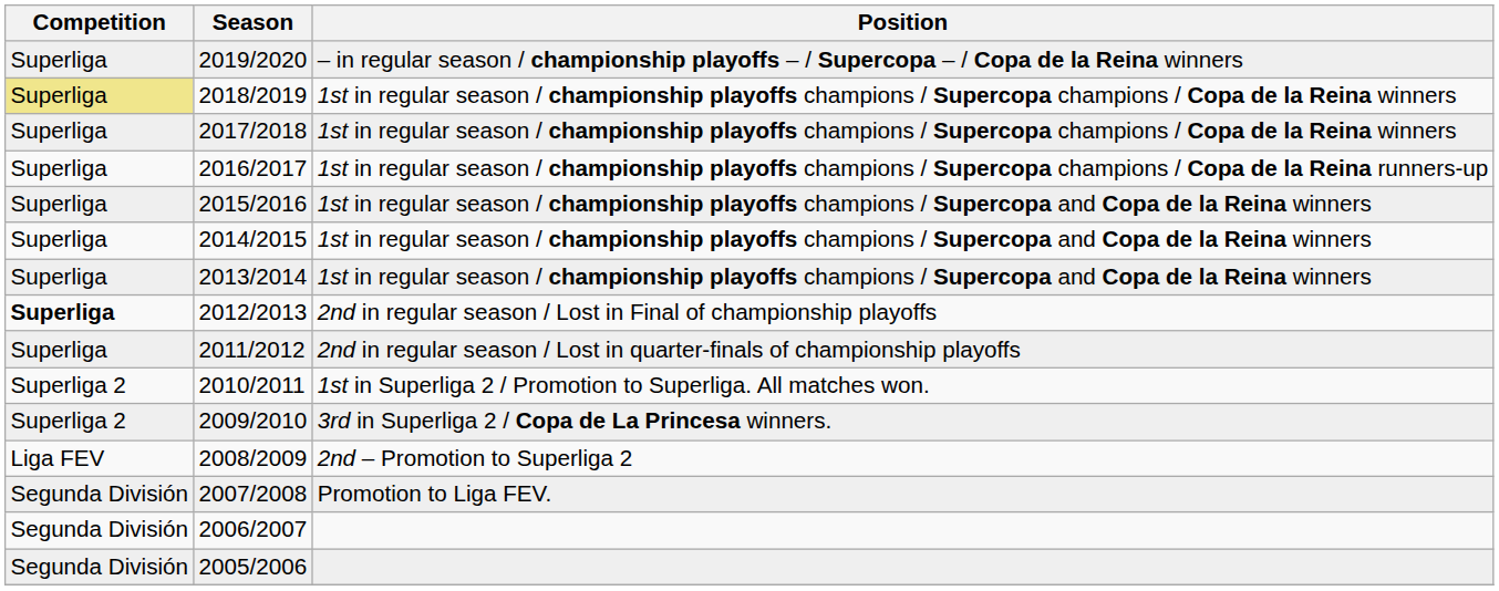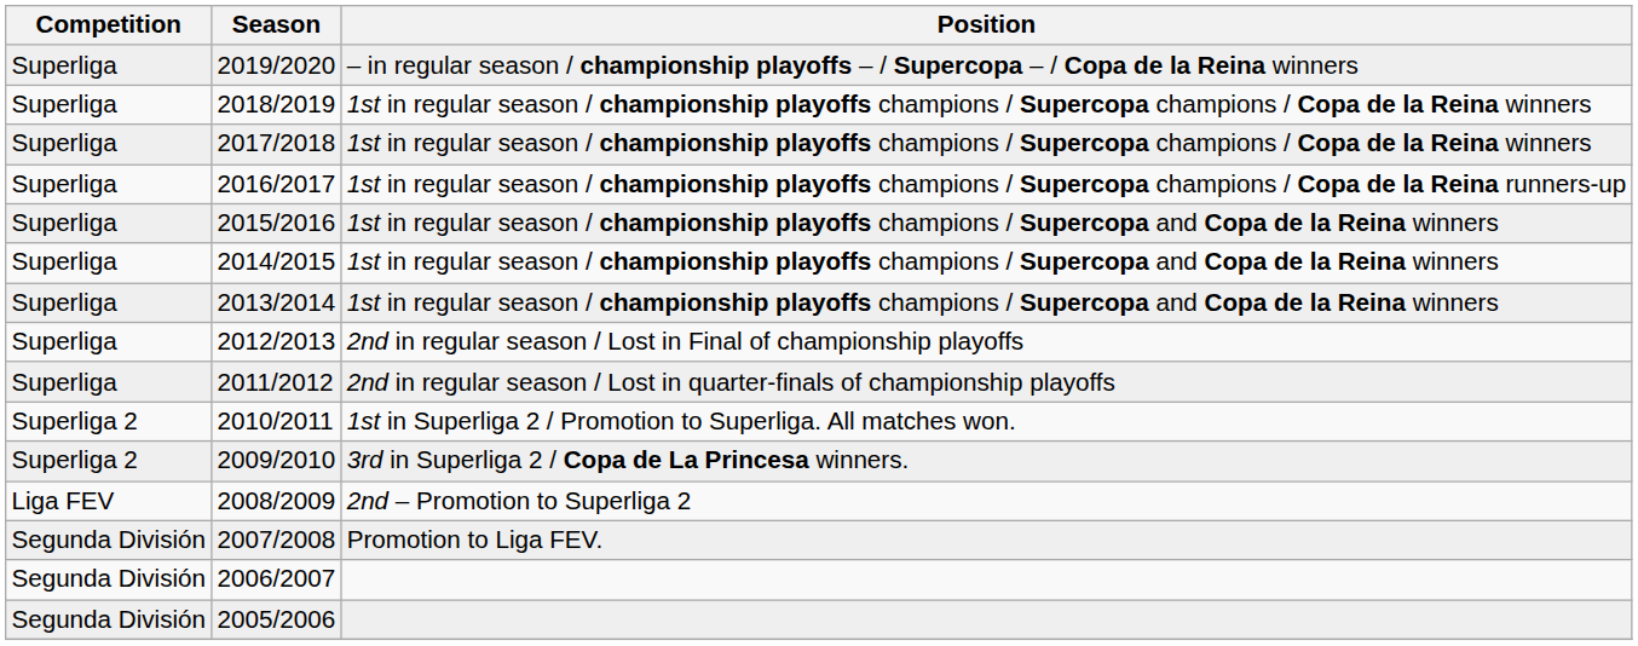 <table class="wikitable">
 <tr>
 <th>Competition</th>
 <th>Season</th>
 <th>Position</th>
 </tr>
 <tr bgcolor="#EFEFEF">
 <td>Superliga</td>
 <td>2019/2020</td>
 <td><em>–</em> in regular season / <strong>championship playoffs</strong> – / <strong>Supercopa</strong> – / <strong>Copa de la Reina</strong> winners</td>
 </tr>
 <tr ---->
-<td style="background: khaki;">Superliga</td>
+<td>Superliga</td>
 <td>2018/2019</td>
 <td><em>1st</em> in regular season / <strong>championship playoffs</strong> champions / <strong>Supercopa</strong> champions / <strong>Copa de la Reina</strong> winners</td>
 </tr>
 <tr bgcolor="#EFEFEF">
 <td>Superliga</td>
 <td>2017/2018</td>
 <td><em>1st</em> in regular season / <strong>championship playoffs</strong> champions / <strong>Supercopa</strong> champions / <strong>Copa de la Reina</strong> winners</td>
 </tr>
 <tr ---->
 <td>Superliga</td>
 <td>2016/2017</td>
 <td><em>1st</em> in regular season / <strong>championship playoffs</strong> champions / <strong>Supercopa</strong> champions / <strong>Copa de la Reina</strong> runners-up</td>
 </tr>
 <tr bgcolor="#EFEFEF">
 <td>Superliga</td>
 <td>2015/2016</td>
 <td><em>1st</em> in regular season / <strong>championship playoffs</strong> champions / <strong>Supercopa</strong> and <strong>Copa de la Reina</strong> winners</td>
 </tr>
 <tr ---->
 <td>Superliga</td>
 <td>2014/2015</td>
 <td><em>1st</em> in regular season / <strong>championship playoffs</strong> champions / <strong>Supercopa</strong> and <strong>Copa de la Reina</strong> winners</td>
 </tr>
 <tr bgcolor="#EFEFEF">
 <td>Superliga</td>
 <td>2013/2014</td>
 <td><em>1st</em> in regular season / <strong>championship playoffs</strong> champions / <strong>Supercopa</strong> and <strong>Copa de la Reina</strong> winners</td>
 </tr>
 <tr ---->
-<td><strong>Superliga</strong></td>
+<td>Superliga</td>
 <td>2012/2013</td>
 <td><em>2nd</em> in regular season / Lost in Final of championship playoffs</td>
 </tr>
 <tr bgcolor="#EFEFEF">
 <td>Superliga</td>
 <td>2011/2012</td>
 <td><em>2nd</em> in regular season / Lost in quarter-finals of championship playoffs</td>
 </tr>
 <tr ---->
 <td>Superliga 2</td>
 <td>2010/2011</td>
 <td><em>1st</em> in Superliga 2 / Promotion to Superliga. All matches won.</td>
 </tr>
 <tr bgcolor="#EFEFEF">
 <td>Superliga 2</td>
 <td>2009/2010</td>
 <td><em>3rd</em> in Superliga 2 / <strong>Copa de La Princesa</strong> winners.</td>
 </tr>
 <tr ---->
 <td>Liga FEV</td>
 <td>2008/2009</td>
 <td><em>2nd</em> – Promotion to Superliga 2</td>
 </tr>
 <tr bgcolor="#EFEFEF">
 <td>Segunda División</td>
 <td>2007/2008</td>
 <td>Promotion to Liga FEV.</td>
 </tr>
 <tr ---->
 <td>Segunda División</td>
 <td>2006/2007</td>
 <td></td>
 </tr>
 <tr bgcolor="#EFEFEF">
 <td>Segunda División</td>
 <td>2005/2006</td>
 <td></td>
 </tr>
 <tr ---->
 </tr>
 </table>
